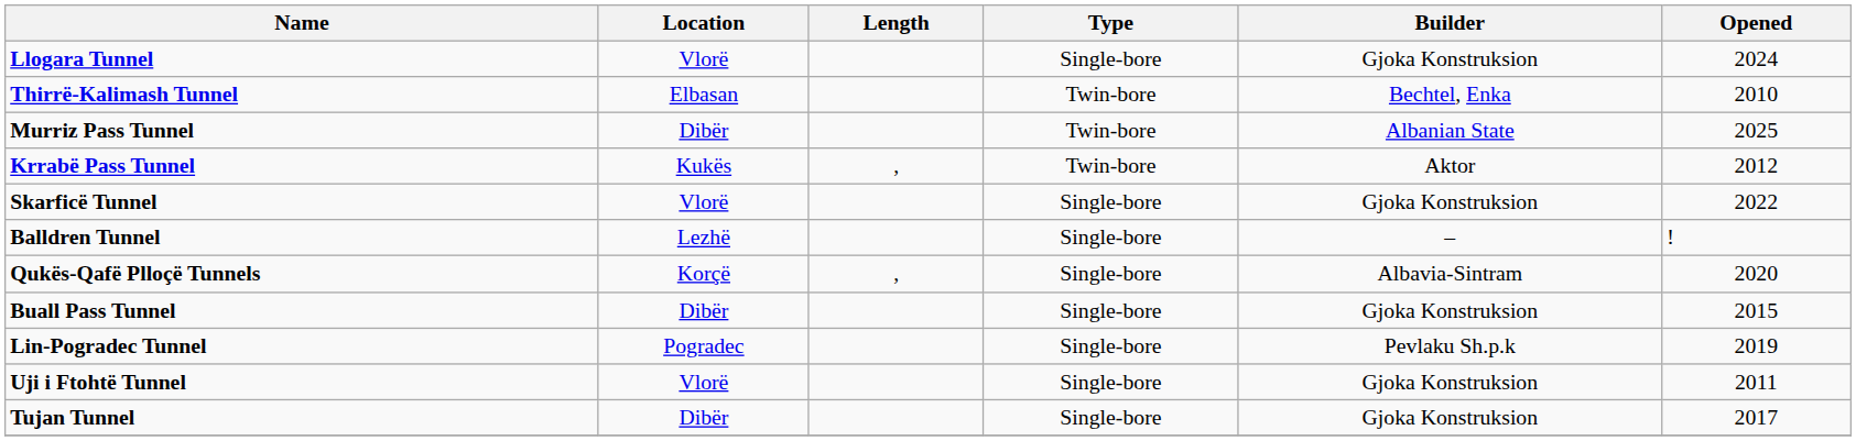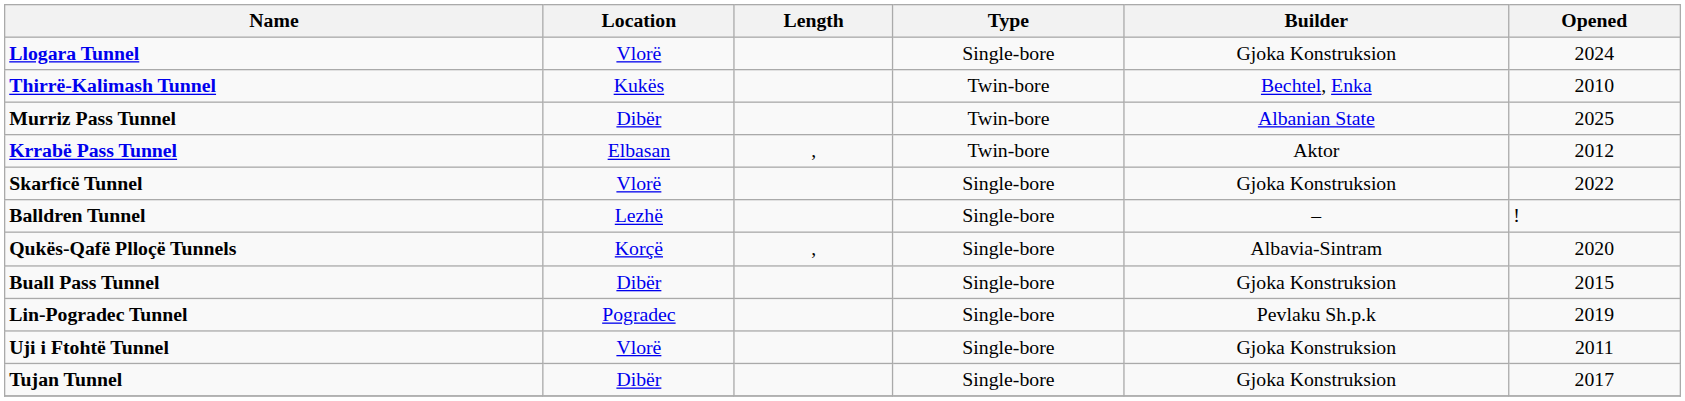 <table class="wikitable sortable" width="65%" style="font-size:95%;">
 <tr>
 <th>Name</th>
 <th>Location</th>
 <th>Length</th>
 <th>Type</th>
 <th>Builder</th>
 <th>Opened</th>
 </tr>
 <tr>
 <td><strong><a href='#'>Llogara Tunnel</a></strong></td>
 <td align="center"><a href='#'>Vlorë</a></td>
 <td align="center"></td>
 <td align="center">Single-bore</td>
 <td align="center">Gjoka Konstruksion</td>
 <td align="center">2024</td>
 </tr>
 <tr>
 <td><strong><a href='#'>Thirrë-Kalimash Tunnel</a></strong></td>
-<td align="center"><a href='#'>Elbasan</a></td>
+<td align="center"><a href='#'>Kukës</a></td>
 <td align="center"></td>
 <td align="center">Twin-bore</td>
 <td align="center"><a href='#'>Bechtel</a>, <a href='#'>Enka</a></td>
 <td align="center">2010</td>
 </tr>
 <tr>
 <td><strong>Murriz Pass Tunnel</strong></td>
 <td align="center"><a href='#'>Dibër</a></td>
 <td align="center"></td>
 <td align="center">Twin-bore</td>
 <td align="center"><a href='#'>Albanian State</a></td>
 <td align="center">2025</td>
 </tr>
 <tr>
 <td><strong><a href='#'>Krrabë Pass Tunnel</a></strong></td>
-<td align="center"><a href='#'>Kukës</a></td>
+<td align="center"><a href='#'>Elbasan</a></td>
 <td align="center">, </td>
 <td align="center">Twin-bore</td>
 <td align="center">Aktor</td>
 <td align="center">2012</td>
 </tr>
 <tr>
 <td><strong>Skarficë Tunnel</strong></td>
 <td align="center"><a href='#'>Vlorë</a></td>
 <td align="center"></td>
 <td align="center">Single-bore</td>
 <td align="center">Gjoka Konstruksion</td>
 <td align="center">2022</td>
 </tr>
 <tr>
 <td><strong>Balldren Tunnel</strong></td>
 <td align="center"><a href='#'>Lezhë</a></td>
 <td align="center"></td>
 <td align="center">Single-bore</td>
 <td align="center">–</td>
 <td>! </td>
 </tr>
 <tr>
 <td><strong>Qukës-Qafë Plloçë Tunnels</strong></td>
 <td align="center"><a href='#'>Korçë</a></td>
 <td align="center">, </td>
 <td align="center">Single-bore</td>
 <td align="center">Albavia-Sintram</td>
 <td align="center">2020</td>
 </tr>
 <tr>
 <td><strong>Buall Pass Tunnel</strong></td>
 <td align="center"><a href='#'>Dibër</a></td>
 <td align="center"></td>
 <td align="center">Single-bore</td>
 <td align="center">Gjoka Konstruksion</td>
 <td align="center">2015</td>
 </tr>
 <tr>
 <td><strong>Lin-Pogradec Tunnel</strong></td>
 <td align="center"><a href='#'>Pogradec</a></td>
 <td align="center"></td>
 <td align="center">Single-bore</td>
 <td align="center">Pevlaku Sh.p.k</td>
 <td align="center">2019</td>
 </tr>
 <tr>
 <td><strong>Uji i Ftohtë Tunnel</strong></td>
 <td align="center"><a href='#'>Vlorë</a></td>
 <td align="center"></td>
 <td align="center">Single-bore</td>
 <td align="center">Gjoka Konstruksion</td>
 <td align="center">2011</td>
 </tr>
 <tr>
 <td><strong>Tujan Tunnel</strong></td>
 <td align="center"><a href='#'>Dibër</a></td>
 <td align="center"></td>
 <td align="center">Single-bore</td>
 <td align="center">Gjoka Konstruksion</td>
 <td align="center">2017</td>
 </tr>
 <tr>
 </tr>
 </table>
